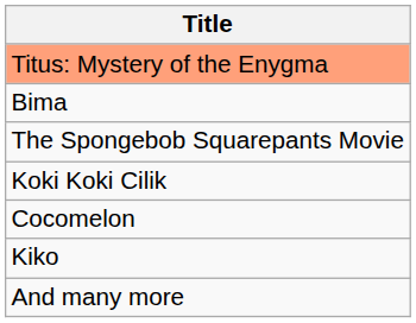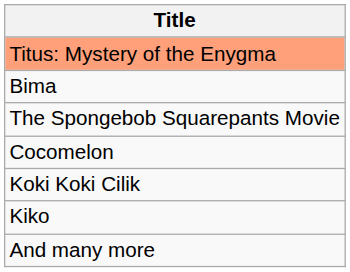 <table class="wikitable">
 <tr>
 <th>Title</th>
 </tr>
 <tr>
 <td style="background: lightsalmon;">Titus: Mystery of the Enygma</td>
 </tr>
 <tr>
 <td>Bima</td>
 </tr>
 <tr>
 <td>The Spongebob Squarepants Movie</td>
 </tr>
 <tr>
-<td>Koki Koki Cilik</td>
+<td>Cocomelon</td>
 </tr>
 <tr>
-<td>Cocomelon</td>
+<td>Koki Koki Cilik</td>
 </tr>
 <tr>
 <td>Kiko</td>
 </tr>
 <tr>
 <td>And many more</td>
 </tr>
 </table>
